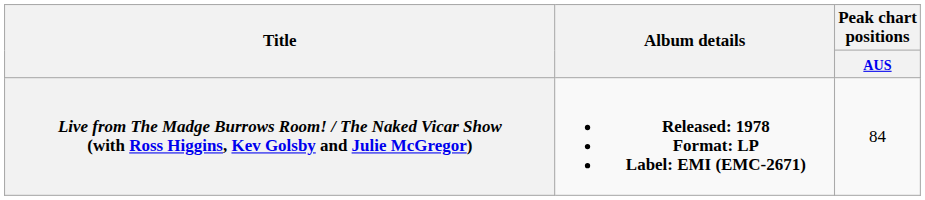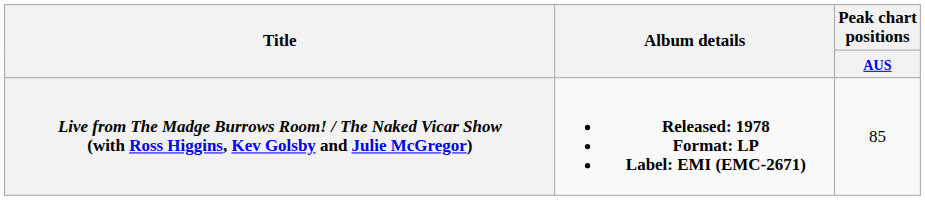 <table class="wikitable plainrowheaders" style="text-align:center;" border="1">
 <tr>
 <th scope="col" rowspan="2" style="width:32em;">Title</th>
 <th scope="col" rowspan="2" style="width:16em;">Album details</th>
 <th scope="col" colspan="1">Peak chart<br>positions</th>
 </tr>
 <tr>
 <th scope="col" style="text-align:center;"><small><a href='#'>AUS</a></small><br></th>
 </tr>
 <tr>
 <th scope="row"><em>Live from The Madge Burrows Room! / The Naked Vicar Show</em> <br> (with <a href='#'>Ross Higgins</a>, <a href='#'>Kev Golsby</a> and <a href='#'>Julie McGregor</a>)</th>
 <td><strong><br><ul><li>Released: 1978</li><li>Format: LP</li><li>Label: EMI (EMC-2671)</li></ul></strong></td>
-<td align="center">84</td>
+<td align="center">85</td>
 </tr>
 </table>
